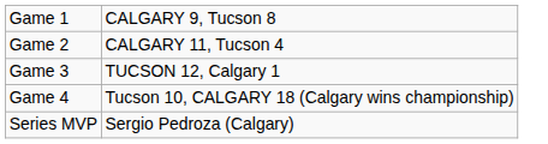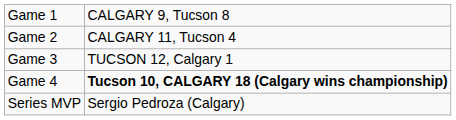 <table class="wikitable">
 <tr>
 <td>Game 1</td>
 <td>CALGARY 9, Tucson 8</td>
 </tr>
 <tr>
 <td>Game 2</td>
 <td>CALGARY 11, Tucson 4</td>
 </tr>
 <tr>
 <td>Game 3</td>
 <td>TUCSON 12, Calgary 1</td>
 </tr>
 <tr>
 <td>Game 4</td>
-<td>Tucson 10, CALGARY 18 (Calgary wins championship)</td>
+<td><strong>Tucson 10, CALGARY 18 (Calgary wins championship)</strong></td>
 </tr>
 <tr>
 <td>Series MVP</td>
 <td>Sergio Pedroza (Calgary)</td>
 </tr>
 </table>
